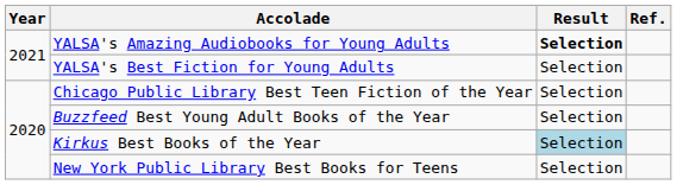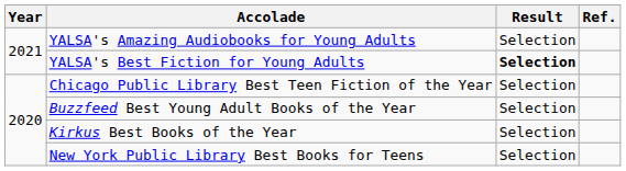 <table class="wikitable">
 <tr>
 <th>Year</th>
 <th>Accolade</th>
 <th>Result</th>
 <th>Ref.</th>
 </tr>
 <tr>
 <td rowspan="2">2021</td>
 <td><a href='#'>YALSA</a>'s <a href='#'>Amazing Audiobooks for Young Adults</a></td>
-<td><strong>Selection</strong></td>
+<td>Selection</td>
 <td></td>
 </tr>
 <tr>
 <td><a href='#'>YALSA</a>'s <a href='#'>Best Fiction for Young Adults</a></td>
-<td>Selection</td>
+<td><strong>Selection</strong></td>
 <td></td>
 </tr>
 <tr>
 <td rowspan="4">2020</td>
 <td><a href='#'>Chicago Public Library</a> Best Teen Fiction of the Year</td>
 <td>Selection</td>
 <td></td>
 </tr>
 <tr>
 <td><em><a href='#'>Buzzfeed</a></em> Best Young Adult Books of the Year</td>
 <td>Selection</td>
 <td></td>
 </tr>
 <tr>
 <td><em><a href='#'>Kirkus</a></em> Best Books of the Year</td>
-<td style="background: lightblue;">Selection</td>
+<td>Selection</td>
 <td></td>
 </tr>
 <tr>
 <td><a href='#'>New York Public Library</a> Best Books for Teens</td>
 <td>Selection</td>
 <td></td>
 </tr>
 </table>
